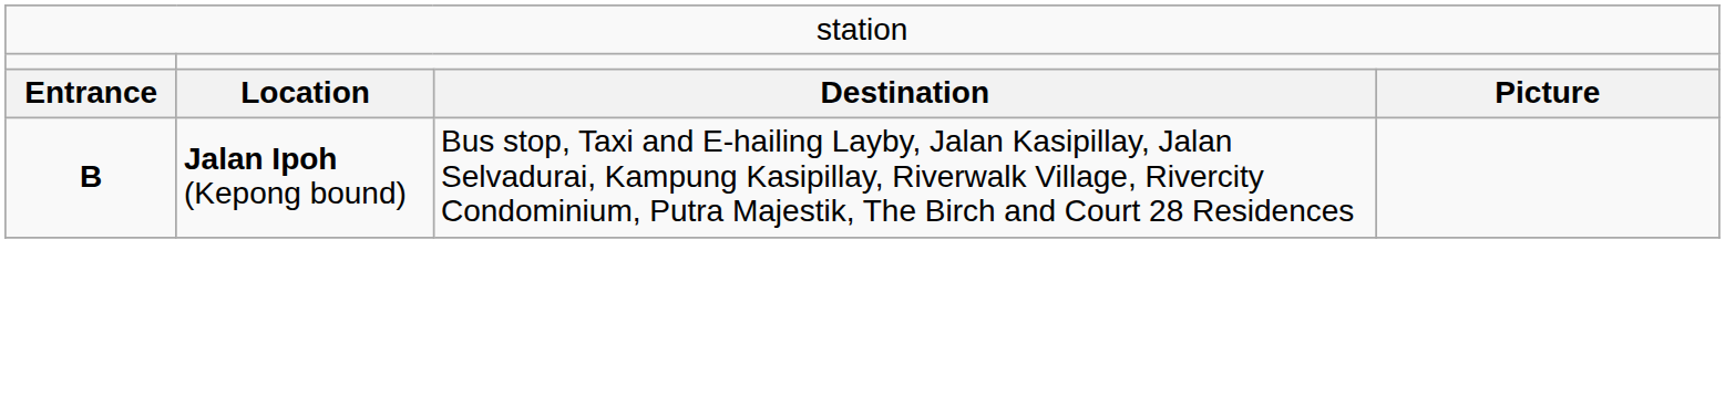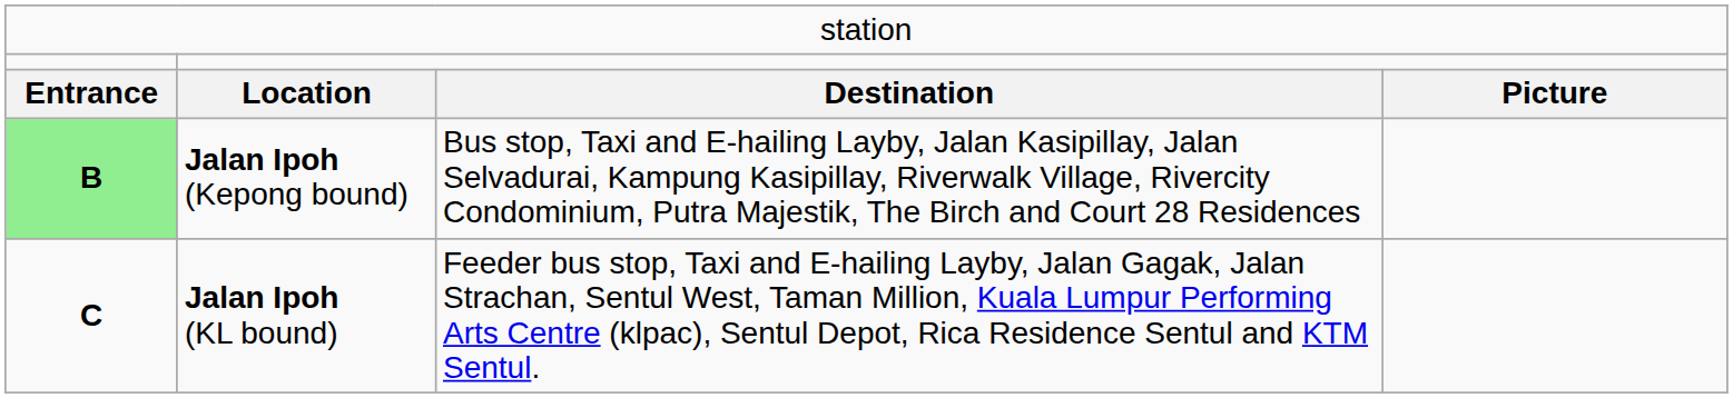 <table class="wikitable" style="width:70%">
 <tr>
 <td colspan="4" align="center"> station</td>
 </tr>
 <tr>
 <td></td>
 </tr>
 <tr>
 <th style="width:10%">Entrance</th>
 <th style="width:15%">Location</th>
 <th style="width:55%">Destination</th>
 <th style="width:20%">Picture</th>
 </tr>
 <tr>
-<td align="center"><strong><span>B</span></strong></td>
+<td align="center" style="background: lightgreen;"><strong><span>B</span></strong></td>
 <td><strong>Jalan Ipoh</strong><br>(Kepong bound)</td>
 <td>Bus stop, Taxi and E-hailing Layby, Jalan Kasipillay, Jalan Selvadurai, Kampung Kasipillay, Riverwalk Village, Rivercity Condominium, Putra Majestik, The Birch and Court 28 Residences</td>
 <td></td>
 </tr>
+<tr>
+<td align="center"><strong><span>C</span></strong></td>
+<td><strong>Jalan Ipoh</strong><br>(KL bound)</td>
+<td>Feeder bus stop, Taxi and E-hailing Layby, Jalan Gagak, Jalan Strachan, Sentul West, Taman Million, <a href='#'>Kuala Lumpur Performing Arts Centre</a> (klpac), Sentul Depot, Rica Residence Sentul and <a href='#'>KTM Sentul</a>.</td>
+<td></td>
+</tr>
 </table>
